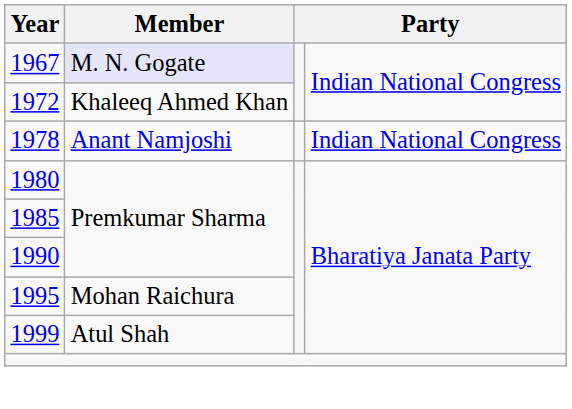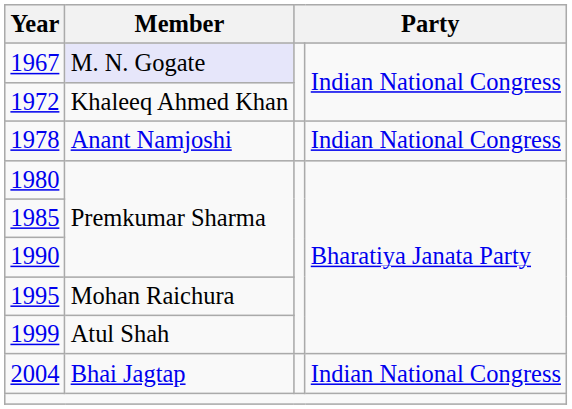 <table class=wikitable>
 <tr>
 <th>Year</th>
 <th>Member</th>
 <th colspan="2">Party</th>
 </tr>
 <tr>
 <td><a href='#'>1967</a></td>
 <td style="background: lavender;">M. N. Gogate</td>
 <td rowspan="2" style="background-color:"></td>
 <td rowspan="2"><a href='#'>Indian National Congress</a></td>
 </tr>
 <tr>
 <td><a href='#'>1972</a></td>
 <td>Khaleeq Ahmed Khan</td>
 </tr>
 <tr>
 <td><a href='#'>1978</a></td>
 <td><a href='#'>Anant Namjoshi</a></td>
 <td style="background-color:"></td>
 <td><a href='#'>Indian National Congress</a></td>
 </tr>
 <tr>
 <td><a href='#'>1980</a></td>
 <td rowspan="3">Premkumar Sharma</td>
 <td rowspan="5" style="background-color:"></td>
 <td rowspan="5"><a href='#'>Bharatiya Janata Party</a></td>
 </tr>
 <tr>
 <td><a href='#'>1985</a></td>
 </tr>
 <tr>
 <td><a href='#'>1990</a></td>
 </tr>
 <tr>
 <td><a href='#'>1995</a></td>
 <td>Mohan Raichura</td>
 </tr>
 <tr>
 <td><a href='#'>1999</a></td>
 <td>Atul Shah</td>
 </tr>
 <tr>
+<td><a href='#'>2004</a></td>
+<td><a href='#'>Bhai Jagtap</a></td>
+<td style="background-color:"></td>
+<td><a href='#'>Indian National Congress</a></td>
+</tr>
+<tr>
 <td colspan="4"></td>
 </tr>
 </table>
